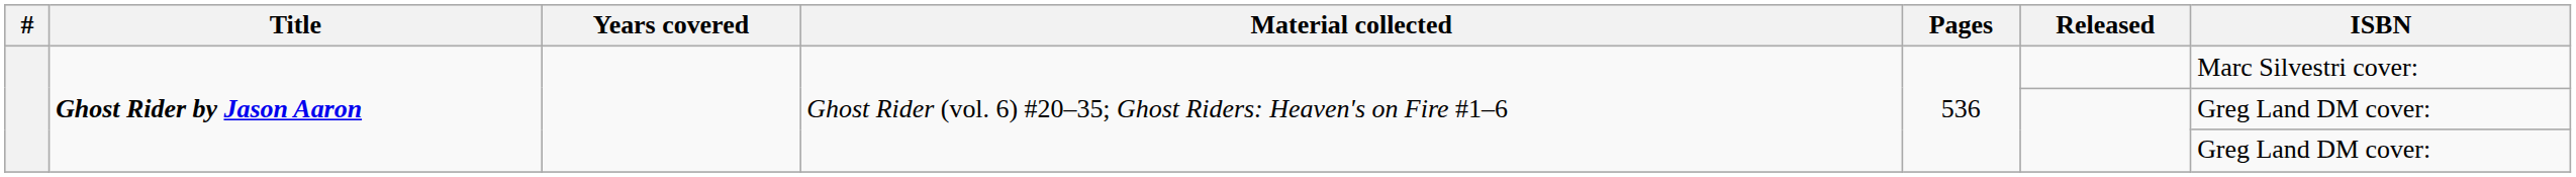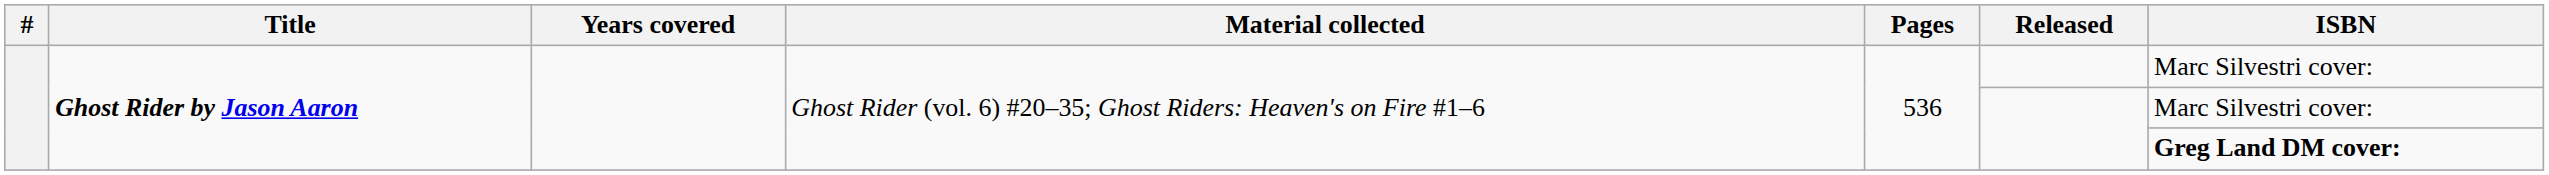 <table class="wikitable sortable" width="99%">
 <tr>
 <th class="unsortable" width="20px">#</th>
 <th>Title</th>
 <th>Years covered</th>
 <th class="unsortable">Material collected</th>
 <th>Pages</th>
 <th>Released</th>
 <th class="unsortable">ISBN</th>
 </tr>
 <tr>
 <th rowspan="3" style="background-color: light grey;"></th>
 <td rowspan="3"><strong><em>Ghost Rider by <a href='#'>Jason Aaron</a></em></strong></td>
 <td rowspan="3"></td>
 <td rowspan="3"><em>Ghost Rider</em> (vol. 6) #20–35; <em>Ghost Riders: Heaven's on Fire</em> #1–6</td>
 <td rowspan="3" style="text-align: center;">536</td>
 <td></td>
 <td>Marc Silvestri cover: </td>
 </tr>
 <tr>
 <td rowspan="2"></td>
-<td>Greg Land DM cover: </td>
+<td>Marc Silvestri cover: </td>
 </tr>
 <tr>
-<td>Greg Land DM cover: </td>
+<td><strong>Greg Land DM cover: </strong></td>
 </tr>
 </table>
